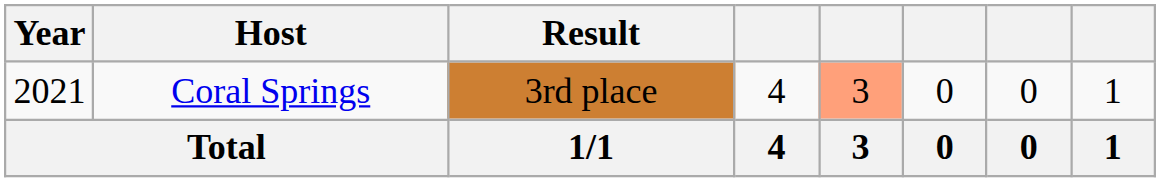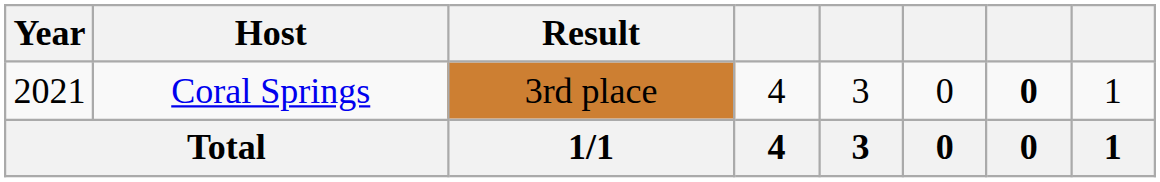 <table class="wikitable" style="text-align:center">
 <tr>
 <th width=30>Year</th>
 <th width=150>Host</th>
 <th width=120>Result</th>
 <th width=30></th>
 <th width=30></th>
 <th width=30></th>
 <th width=30></th>
 <th width=30></th>
 </tr>
 <tr>
 <td>2021</td>
 <td> <a href='#'>Coral Springs</a></td>
 <td bgcolor="#CD7F32"> 3rd place<br></td>
 <td>4</td>
-<td style="background: lightsalmon;">3</td>
+<td>3</td>
 <td>0</td>
-<td>0</td>
+<td><strong>0</strong></td>
 <td>1</td>
 </tr>
 <tr>
 <th colspan=2>Total</th>
 <th>1/1</th>
 <th>4</th>
 <th>3</th>
 <th>0</th>
 <th>0</th>
 <th>1</th>
 </tr>
 </table>
